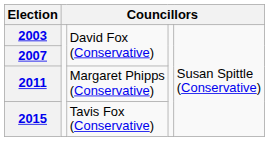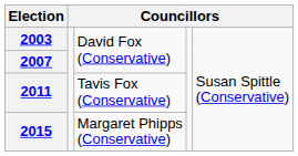 <table class="wikitable">
 <tr>
 <th>Election</th>
 <th colspan="4">Councillors</th>
 </tr>
 <tr>
 <th><a href='#'>2003</a></th>
 <td rowspan="4" style="background-color: "></td>
 <td rowspan="2">David Fox<br>(<a href='#'>Conservative</a>)</td>
 <td rowspan="4" style="background-color: "></td>
 <td rowspan="4">Susan Spittle<br>(<a href='#'>Conservative</a>)</td>
 </tr>
 <tr>
 <th><a href='#'>2007</a></th>
 </tr>
 <tr>
 <th><a href='#'>2011</a></th>
-<td>Margaret Phipps<br>(<a href='#'>Conservative</a>)</td>
+<td>Tavis Fox<br>(<a href='#'>Conservative</a>)</td>
 </tr>
 <tr>
 <th><a href='#'>2015</a></th>
-<td>Tavis Fox<br>(<a href='#'>Conservative</a>)</td>
+<td>Margaret Phipps<br>(<a href='#'>Conservative</a>)</td>
 </tr>
 </table>
